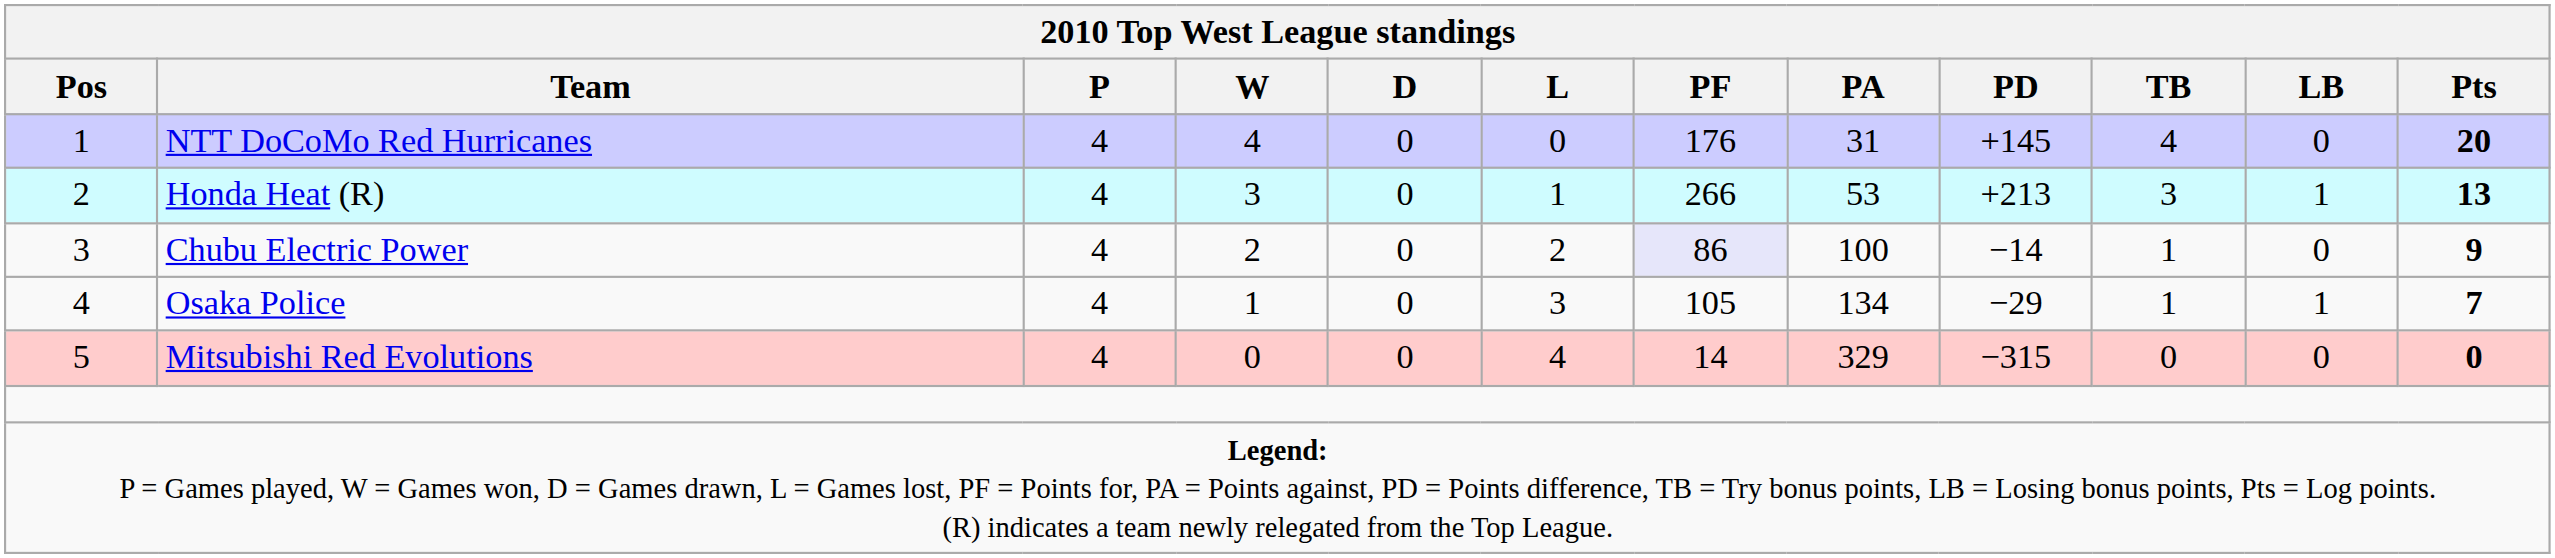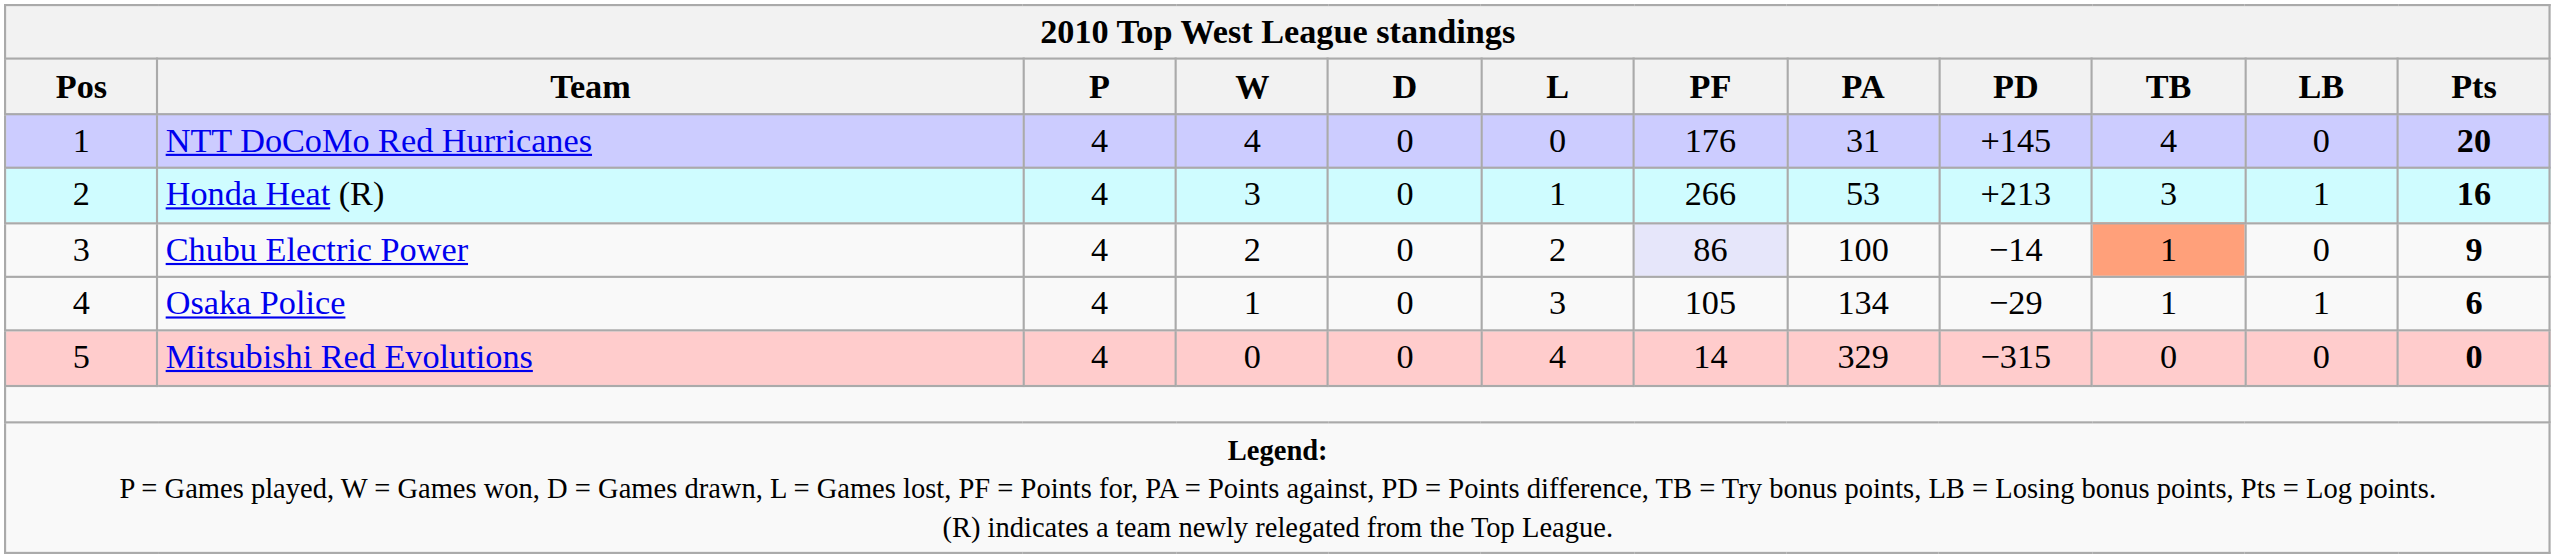 <table class="wikitable" style="text-align:center; font-size:100%; width:60%;">
 <tr>
 <th colspan="100%" cellpadding="0" cellspacing="0"><strong>2010 Top West League standings</strong></th>
 </tr>
 <tr>
 <th style="width:6%;">Pos</th>
 <th style="width:34%;">Team</th>
 <th style="width:6%;">P</th>
 <th style="width:6%;">W</th>
 <th style="width:6%;">D</th>
 <th style="width:6%;">L</th>
 <th style="width:6%;">PF</th>
 <th style="width:6%;">PA</th>
 <th style="width:6%;">PD</th>
 <th style="width:6%;">TB</th>
 <th style="width:6%;">LB</th>
 <th style="width:6%;">Pts<br></th>
 </tr>
 <tr style="background:#CCCCFF;">
 <td>1</td>
 <td style="text-align:left;"><a href='#'>NTT DoCoMo Red Hurricanes</a></td>
 <td>4</td>
 <td>4</td>
 <td>0</td>
 <td>0</td>
 <td>176</td>
 <td>31</td>
 <td>+145</td>
 <td>4</td>
 <td>0</td>
 <td><strong>20</strong></td>
 </tr>
 <tr style="background:#CFFCFF;">
 <td>2</td>
 <td style="text-align:left;"><a href='#'>Honda Heat</a> (R)</td>
 <td>4</td>
 <td>3</td>
 <td>0</td>
 <td>1</td>
 <td>266</td>
 <td>53</td>
 <td>+213</td>
 <td>3</td>
 <td>1</td>
-<td><strong>13</strong></td>
+<td><strong>16</strong></td>
 </tr>
 <tr>
 <td>3</td>
 <td style="text-align:left;"><a href='#'>Chubu Electric Power</a></td>
 <td>4</td>
 <td>2</td>
 <td>0</td>
 <td>2</td>
 <td style="background: lavender;">86</td>
 <td>100</td>
 <td>−14</td>
-<td>1</td>
+<td style="background: lightsalmon;">1</td>
 <td>0</td>
 <td><strong>9</strong></td>
 </tr>
 <tr>
 <td>4</td>
 <td style="text-align:left;"><a href='#'>Osaka Police</a></td>
 <td>4</td>
 <td>1</td>
 <td>0</td>
 <td>3</td>
 <td>105</td>
 <td>134</td>
 <td>−29</td>
 <td>1</td>
 <td>1</td>
-<td><strong>7</strong></td>
+<td><strong>6</strong></td>
 </tr>
 <tr style="background:#FFCCCC;">
 <td>5</td>
 <td style="text-align:left;"><a href='#'>Mitsubishi Red Evolutions</a></td>
 <td>4</td>
 <td>0</td>
 <td>0</td>
 <td>4</td>
 <td>14</td>
 <td>329</td>
 <td>−315</td>
 <td>0</td>
 <td>0</td>
 <td><strong>0</strong></td>
 </tr>
 <tr>
 <td colspan="100%" style="height:10px;"></td>
 </tr>
 <tr>
 <td colspan="100%"><small><strong>Legend:</strong> <br> P = Games played, W = Games won, D = Games drawn, L = Games lost, PF = Points for, PA = Points against, PD = Points difference, TB = Try bonus points, LB = Losing bonus points, Pts = Log points. <br> (R) indicates a team newly relegated from the Top League.</small></td>
 </tr>
 </table>
